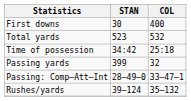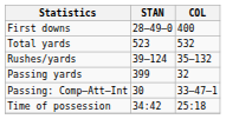 <table class="wikitable" style="float: left;">
 <tr>
 <th>Statistics</th>
 <th>STAN</th>
 <th>COL</th>
 </tr>
 <tr>
 <td>First downs</td>
-<td>30</td>
+<td>28–49–0</td>
 <td>400</td>
 </tr>
 <tr>
 <td>Total yards</td>
 <td>523</td>
 <td>532</td>
 </tr>
 <tr>
-<td>Time of possession</td>
-<td>34:42</td>
-<td>25:18</td>
+<td>Rushes/yards</td>
+<td>39–124</td>
+<td>35–132</td>
 </tr>
 <tr>
 <td>Passing yards</td>
 <td>399</td>
 <td>32</td>
 </tr>
 <tr>
 <td>Passing: Comp–Att–Int</td>
-<td>28–49–0</td>
+<td>30</td>
 <td>33–47–1</td>
 </tr>
 <tr>
-<td>Rushes/yards</td>
-<td>39–124</td>
-<td>35–132</td>
+<td>Time of possession</td>
+<td>34:42</td>
+<td>25:18</td>
 </tr>
 <tr>
 </tr>
 </table>
